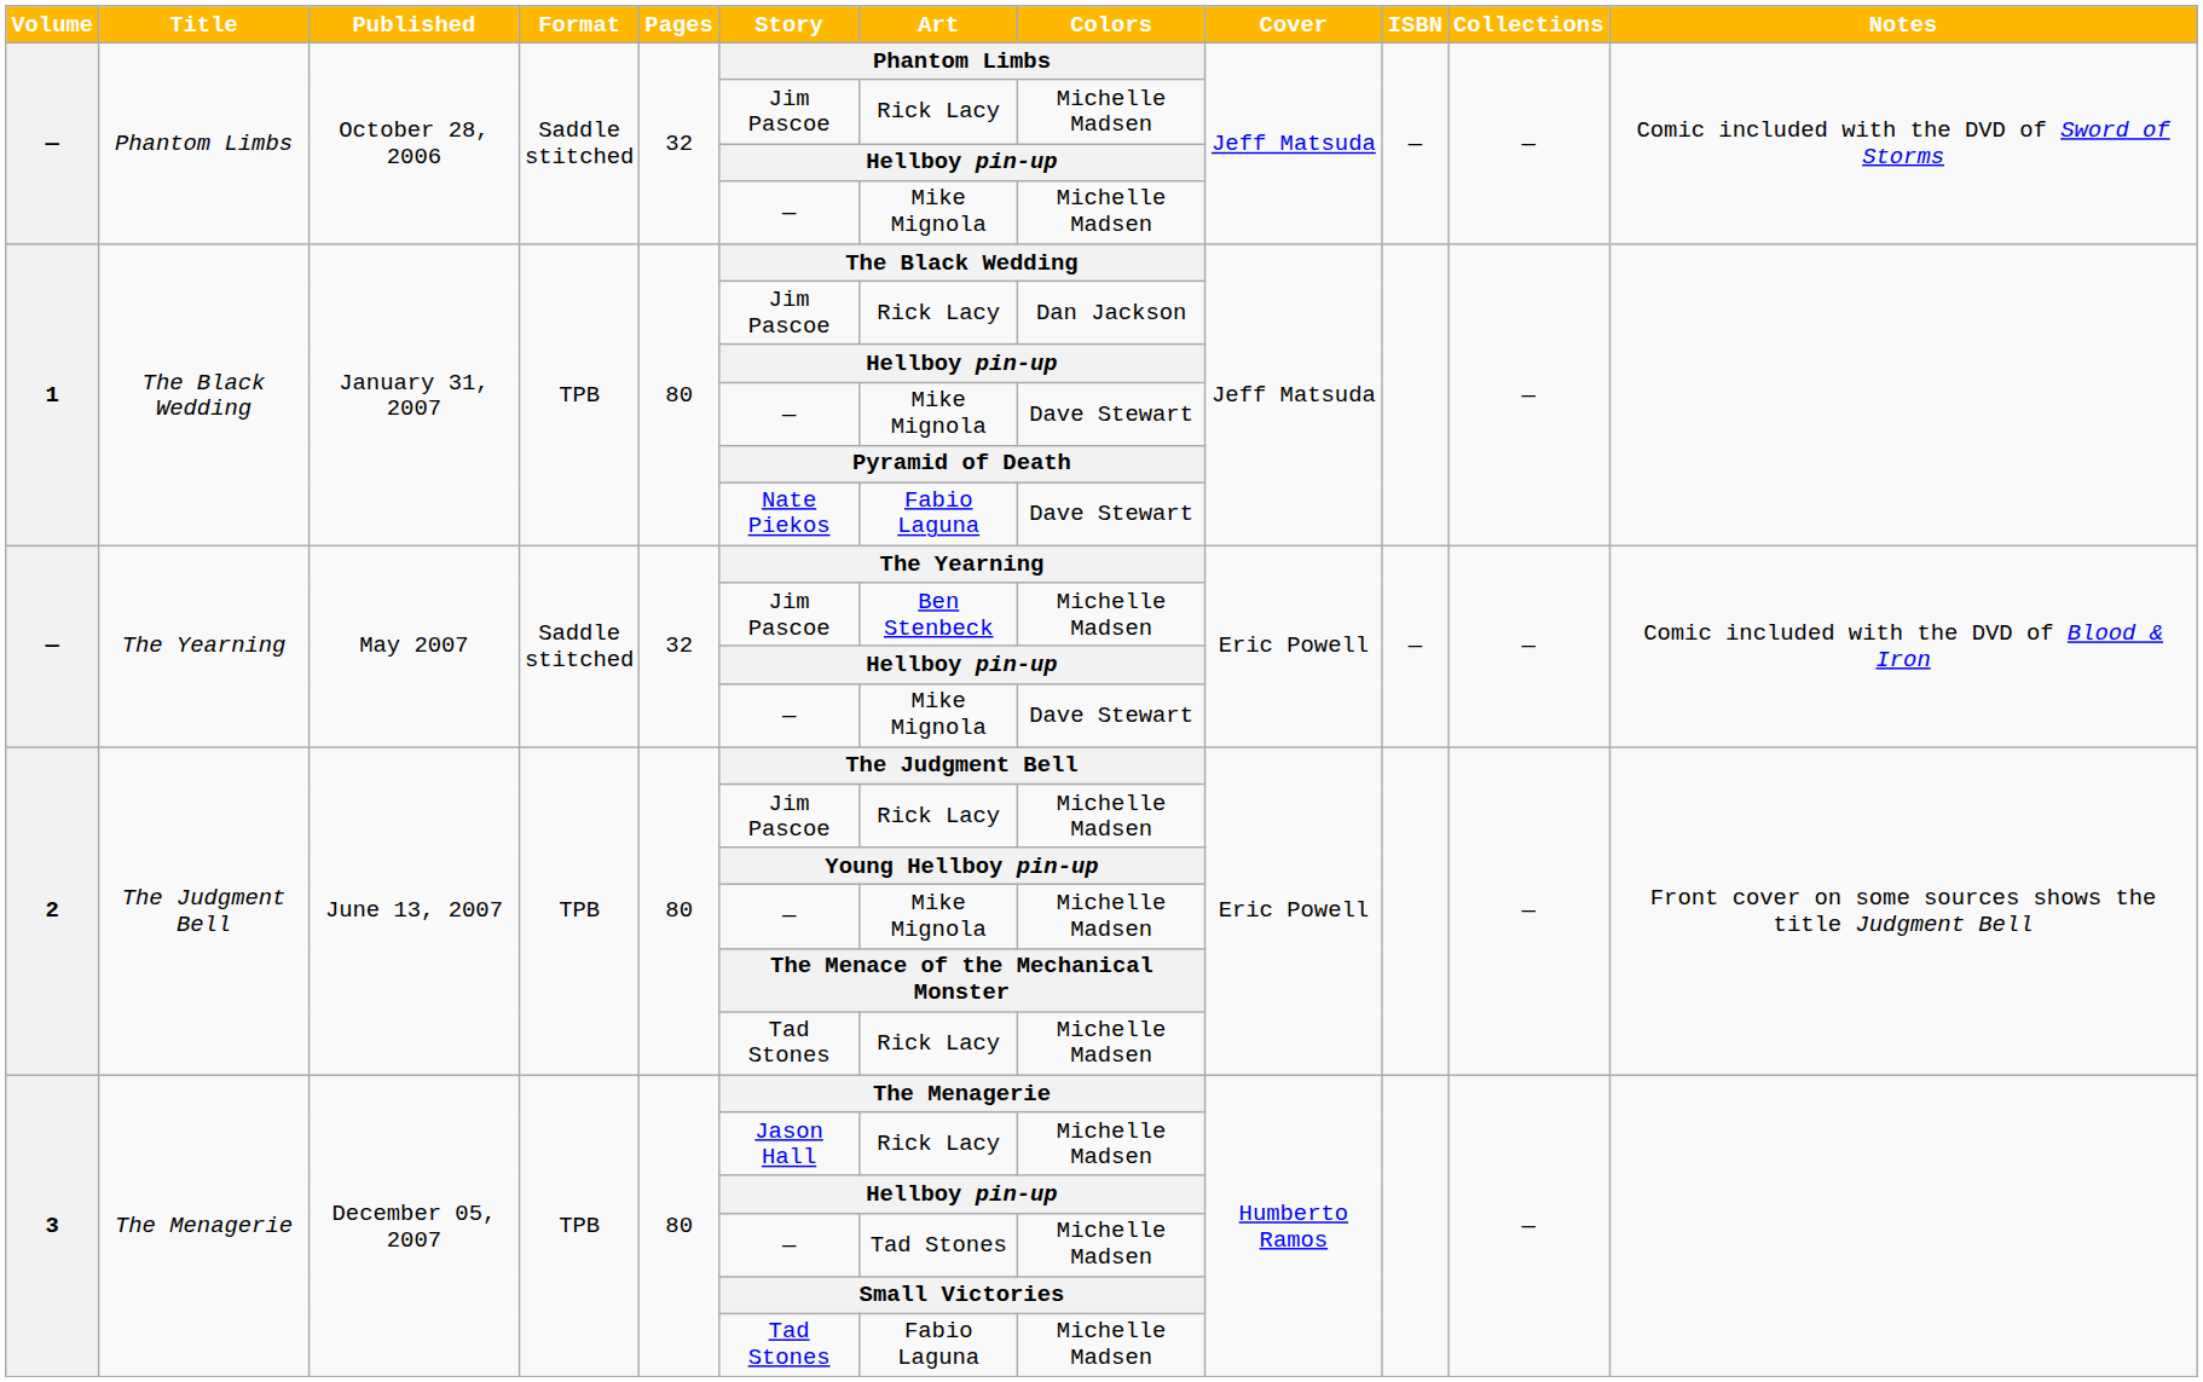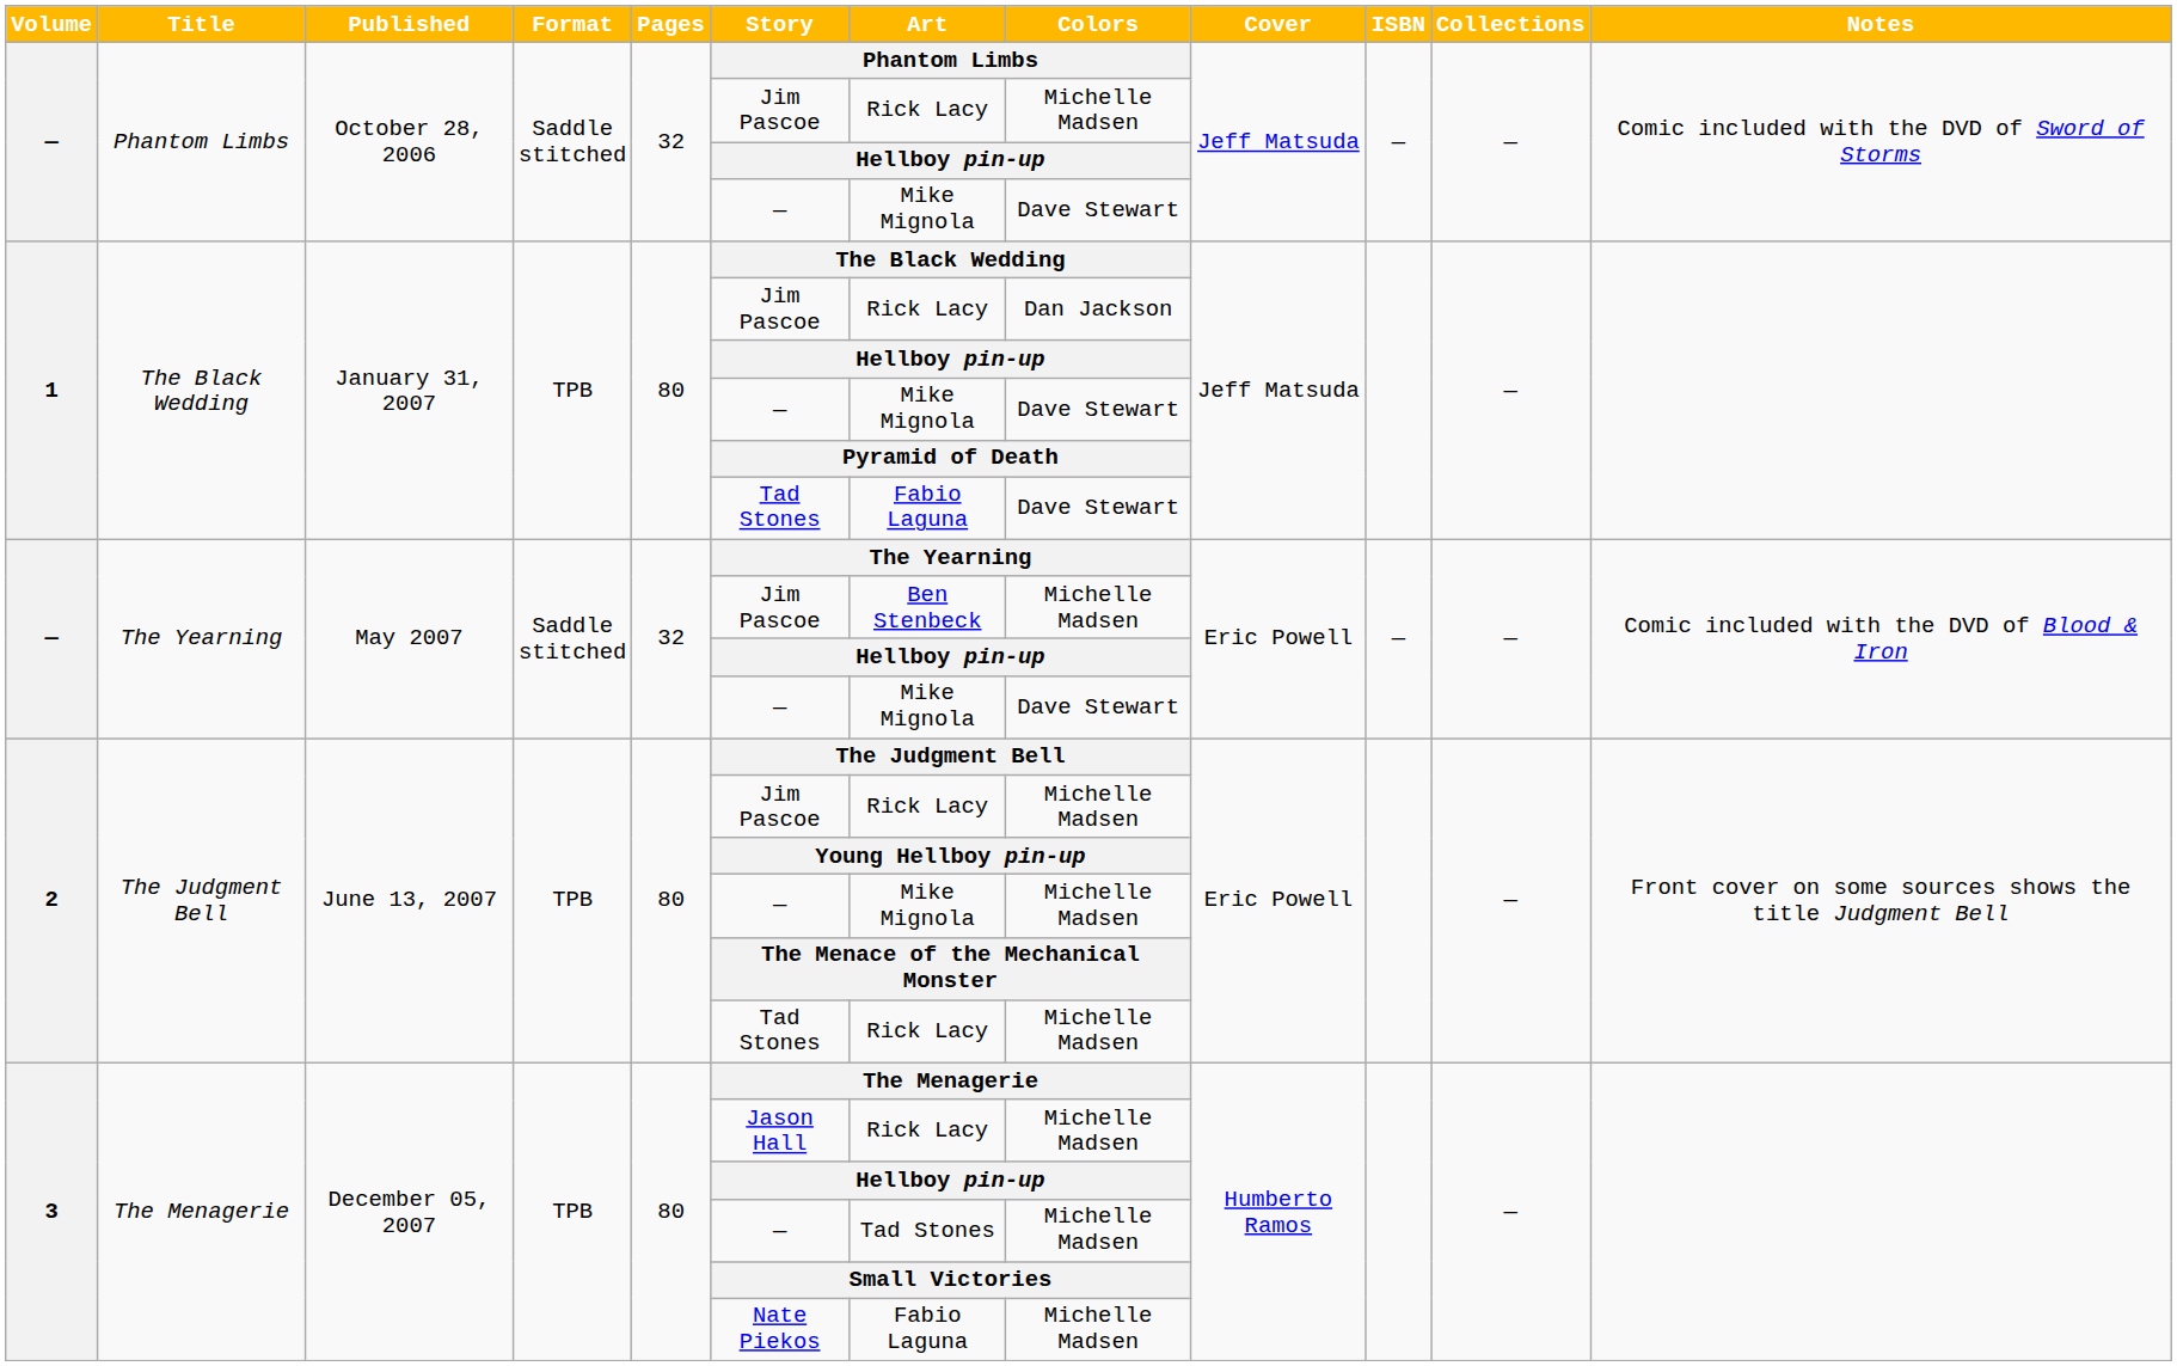 <table class="wikitable" style="text-align: center">
 <tr>
 <th style="background:#feb800; color:#fff;">Volume</th>
 <th style="background:#feb800; color:#fff;">Title</th>
 <th style="background:#feb800; color:#fff;">Published</th>
 <th style="background:#feb800; color:#fff;">Format</th>
 <th style="background:#feb800; color:#fff;">Pages</th>
 <th style="background:#feb800; color:#fff;">Story</th>
 <th style="background:#feb800; color:#fff;">Art</th>
 <th style="background:#feb800; color:#fff;">Colors</th>
 <th style="background:#feb800; color:#fff;">Cover</th>
 <th style="background:#feb800; color:#fff;">ISBN</th>
 <th style="background:#feb800; color:#fff;">Collections</th>
 <th style="background:#feb800; color:#fff;">Notes</th>
 </tr>
 <tr id="Hellboy_Animated_Phantom_Limbs">
 <th rowspan=4>—</th>
 <td rowspan=4><em>Phantom Limbs</em></td>
 <td rowspan=4>October 28, 2006</td>
 <td rowspan=4>Saddle<br>stitched</td>
 <td rowspan=4>32</td>
 <th colspan=3><span>Phantom Limbs</span></th>
 <td rowspan=4><a href='#'>Jeff Matsuda</a></td>
 <td rowspan=4>—</td>
 <td rowspan=4>—</td>
 <td rowspan=4>Comic included with the DVD of <em><a href='#'>Sword of Storms</a></em></td>
 </tr>
 <tr>
 <td>Jim Pascoe</td>
 <td>Rick Lacy</td>
 <td>Michelle Madsen</td>
 </tr>
 <tr>
 <th colspan=3><span>Hellboy <em>pin-up</em></span></th>
 </tr>
 <tr>
 <td>—</td>
 <td>Mike Mignola</td>
-<td>Michelle Madsen</td>
+<td>Dave Stewart</td>
 </tr>
 <tr id="Hellboy_Animated_The_Black_Wedding">
 <th rowspan=6>1</th>
 <td rowspan=6><em>The Black Wedding</em></td>
 <td rowspan=6>January 31, 2007</td>
 <td rowspan=6>TPB</td>
 <td rowspan=6>80</td>
 <th colspan=3><span>The Black Wedding</span></th>
 <td rowspan=6>Jeff Matsuda</td>
 <td rowspan=6></td>
 <td rowspan=6>—</td>
 <td rowspan=6></td>
 </tr>
 <tr>
 <td>Jim Pascoe</td>
 <td>Rick Lacy</td>
 <td>Dan Jackson</td>
 </tr>
 <tr>
 <th colspan=3><span>Hellboy <em>pin-up</em></span></th>
 </tr>
 <tr>
 <td>—</td>
 <td>Mike Mignola</td>
 <td>Dave Stewart</td>
 </tr>
 <tr>
 <th colspan=3><span>Pyramid of Death</span></th>
 </tr>
 <tr>
-<td><a href='#'>Nate Piekos</a></td>
+<td><a href='#'>Tad Stones</a></td>
 <td><a href='#'>Fabio Laguna</a></td>
 <td>Dave Stewart</td>
 </tr>
 <tr id="Hellboy_Animated_The_Yearning">
 <th rowspan=4>—</th>
 <td rowspan=4><em>The Yearning</em></td>
 <td rowspan=4>May 2007</td>
 <td rowspan=4>Saddle<br>stitched</td>
 <td rowspan=4>32</td>
 <th colspan=3><span>The Yearning</span></th>
 <td rowspan=4>Eric Powell</td>
 <td rowspan=4>—</td>
 <td rowspan=4>—</td>
 <td rowspan=4>Comic included with the DVD of <em><a href='#'>Blood & Iron</a></em></td>
 </tr>
 <tr>
 <td>Jim Pascoe</td>
 <td><a href='#'>Ben Stenbeck</a></td>
 <td>Michelle Madsen</td>
 </tr>
 <tr>
 <th colspan=3><span>Hellboy <em>pin-up</em></span></th>
 </tr>
 <tr>
 <td>—</td>
 <td>Mike Mignola</td>
 <td>Dave Stewart</td>
 </tr>
 <tr id="Hellboy_Animated_The_Judgment_Bell">
 <th rowspan=6>2</th>
 <td rowspan=6><em>The Judgment Bell</em></td>
 <td rowspan=6>June 13, 2007</td>
 <td rowspan=6>TPB</td>
 <td rowspan=6>80</td>
 <th colspan=3><span>The Judgment Bell</span></th>
 <td rowspan=6>Eric Powell</td>
 <td rowspan=6></td>
 <td rowspan=6>—</td>
 <td rowspan=6>Front cover on some sources shows the title <em>Judgment Bell</em></td>
 </tr>
 <tr>
 <td>Jim Pascoe</td>
 <td>Rick Lacy</td>
 <td>Michelle Madsen</td>
 </tr>
 <tr>
 <th colspan=3><span>Young Hellboy <em>pin-up</em></span></th>
 </tr>
 <tr>
 <td>—</td>
 <td>Mike Mignola</td>
 <td>Michelle Madsen</td>
 </tr>
 <tr>
 <th colspan=3><span>The Menace of the Mechanical Monster</span></th>
 </tr>
 <tr>
 <td>Tad Stones</td>
 <td>Rick Lacy</td>
 <td>Michelle Madsen</td>
 </tr>
 <tr id="Hellboy_Animated_The_Menagerie">
 <th rowspan=6>3</th>
 <td rowspan=6><em>The Menagerie</em></td>
 <td rowspan=6>December 05, 2007</td>
 <td rowspan=6>TPB</td>
 <td rowspan=6>80</td>
 <th colspan=3><span>The Menagerie</span></th>
 <td rowspan=6><a href='#'>Humberto Ramos</a></td>
 <td rowspan=6></td>
 <td rowspan=6>—</td>
 <td rowspan=6></td>
 </tr>
 <tr>
 <td><a href='#'>Jason Hall</a></td>
 <td>Rick Lacy</td>
 <td>Michelle Madsen</td>
 </tr>
 <tr>
 <th colspan=3><span>Hellboy <em>pin-up</em></span></th>
 </tr>
 <tr>
 <td>—</td>
 <td>Tad Stones</td>
 <td>Michelle Madsen</td>
 </tr>
 <tr>
 <th colspan=3><span>Small Victories</span></th>
 </tr>
 <tr>
-<td><a href='#'>Tad Stones</a></td>
+<td><a href='#'>Nate Piekos</a></td>
 <td>Fabio Laguna</td>
 <td>Michelle Madsen</td>
 </tr>
 </table>
